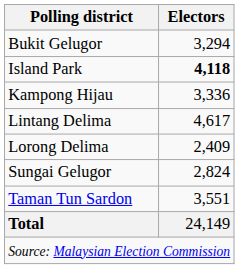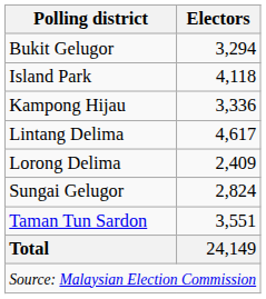 <table class="wikitable sortable">
 <tr>
 <th>Polling district</th>
 <th>Electors</th>
 </tr>
 <tr>
 <td>Bukit Gelugor</td>
 <td align="right">3,294</td>
 </tr>
 <tr>
 <td>Island Park</td>
-<td align="right"><strong>4,118</strong></td>
+<td align="right">4,118</td>
 </tr>
 <tr>
 <td>Kampong Hijau</td>
 <td align="right">3,336</td>
 </tr>
 <tr>
 <td>Lintang Delima</td>
 <td align="right">4,617</td>
 </tr>
 <tr>
 <td>Lorong Delima</td>
 <td align="right">2,409</td>
 </tr>
 <tr>
 <td>Sungai Gelugor</td>
 <td align="right">2,824</td>
 </tr>
 <tr>
 <td><a href='#'>Taman Tun Sardon</a></td>
 <td align="right">3,551</td>
 </tr>
 <tr>
 <td style="background: #f2f2f2"><strong>Total</strong></td>
 <td style="background: #f2f2f2" align="right">24,149</td>
 </tr>
 <tr>
 <td colspan="2"  align="right"><small><em>Source: <a href='#'>Malaysian Election Commission</a></em></small></td>
 </tr>
 </table>
